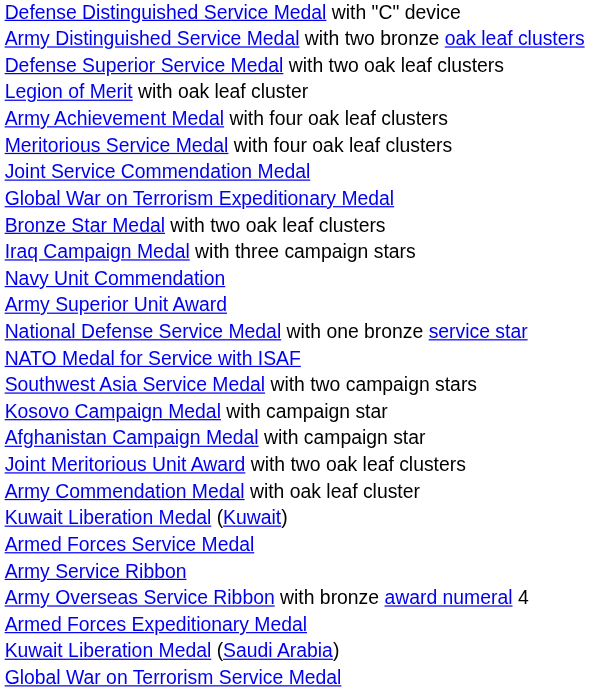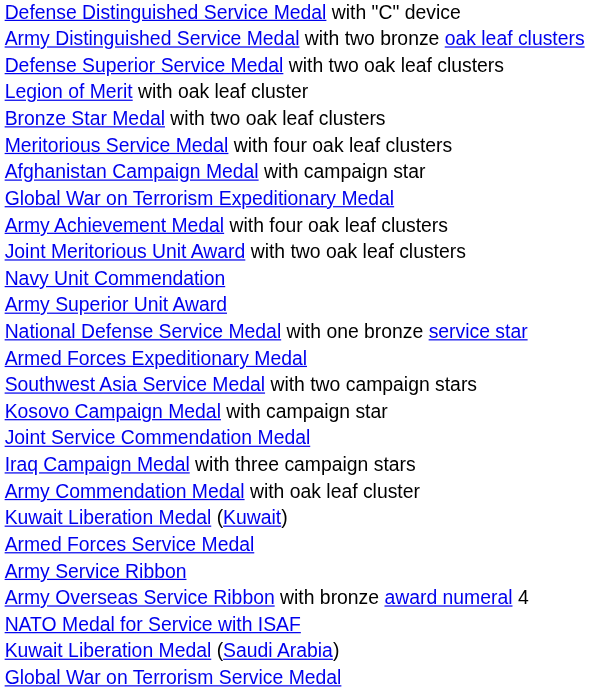 <table>
 <tr>
 <td><span></span> <a href='#'>Defense Distinguished Service Medal</a> with "C" device</td>
 </tr>
 <tr>
 <td><span></span><span></span> <a href='#'>Army Distinguished Service Medal</a> with two bronze <a href='#'>oak leaf clusters</a></td>
 </tr>
 <tr>
 <td><span></span><span></span> <a href='#'>Defense Superior Service Medal</a> with two oak leaf clusters</td>
 </tr>
 <tr>
 <td> <a href='#'>Legion of Merit</a> with oak leaf cluster</td>
 </tr>
 <tr>
-<td><span></span><span></span><span></span><span></span> <a href='#'>Army Achievement Medal</a> with four oak leaf clusters</td>
+<td><span></span><span></span> <a href='#'>Bronze Star Medal</a> with two oak leaf clusters</td>
 </tr>
 <tr>
 <td><span></span><span></span><span></span><span></span> <a href='#'>Meritorious Service Medal</a> with four oak leaf clusters</td>
 </tr>
 <tr>
-<td> <a href='#'>Joint Service Commendation Medal</a></td>
+<td> <a href='#'>Afghanistan Campaign Medal</a> with campaign star</td>
 </tr>
 <tr>
 <td> <a href='#'>Global War on Terrorism Expeditionary Medal</a></td>
 </tr>
 <tr>
-<td><span></span><span></span> <a href='#'>Bronze Star Medal</a> with two oak leaf clusters</td>
+<td><span></span><span></span><span></span><span></span> <a href='#'>Army Achievement Medal</a> with four oak leaf clusters</td>
 </tr>
 <tr>
-<td><span></span><span></span><span></span> <a href='#'>Iraq Campaign Medal</a> with three campaign stars</td>
+<td><span></span><span></span> <a href='#'>Joint Meritorious Unit Award</a> with two oak leaf clusters</td>
 </tr>
 <tr>
 <td> <a href='#'>Navy Unit Commendation</a></td>
 </tr>
 <tr>
 <td> <a href='#'>Army Superior Unit Award</a></td>
 </tr>
 <tr>
 <td> <a href='#'>National Defense Service Medal</a> with one bronze <a href='#'>service star</a></td>
 </tr>
 <tr>
-<td> <a href='#'>NATO Medal for Service with ISAF</a></td>
+<td> <a href='#'>Armed Forces Expeditionary Medal</a></td>
 </tr>
 <tr>
 <td><span></span><span></span> <a href='#'>Southwest Asia Service Medal</a> with two campaign stars</td>
 </tr>
 <tr>
 <td> <a href='#'>Kosovo Campaign Medal</a> with campaign star</td>
 </tr>
 <tr>
-<td> <a href='#'>Afghanistan Campaign Medal</a> with campaign star</td>
+<td> <a href='#'>Joint Service Commendation Medal</a></td>
 </tr>
 <tr>
-<td><span></span><span></span> <a href='#'>Joint Meritorious Unit Award</a> with two oak leaf clusters</td>
+<td><span></span><span></span><span></span> <a href='#'>Iraq Campaign Medal</a> with three campaign stars</td>
 </tr>
 <tr>
 <td> <a href='#'>Army Commendation Medal</a> with oak leaf cluster</td>
 </tr>
 <tr>
 <td> <a href='#'>Kuwait Liberation Medal</a> (<a href='#'>Kuwait</a>)</td>
 </tr>
 <tr>
 <td> <a href='#'>Armed Forces Service Medal</a></td>
 </tr>
 <tr>
 <td> <a href='#'>Army Service Ribbon</a></td>
 </tr>
 <tr>
 <td><span></span> <a href='#'>Army Overseas Service Ribbon</a> with bronze <a href='#'>award numeral</a> 4</td>
 </tr>
 <tr>
-<td> <a href='#'>Armed Forces Expeditionary Medal</a></td>
+<td> <a href='#'>NATO Medal for Service with ISAF</a></td>
 </tr>
 <tr>
 <td> <a href='#'>Kuwait Liberation Medal</a> (<a href='#'>Saudi Arabia</a>)</td>
 </tr>
 <tr>
 <td> <a href='#'>Global War on Terrorism Service Medal</a></td>
 </tr>
 </table>
